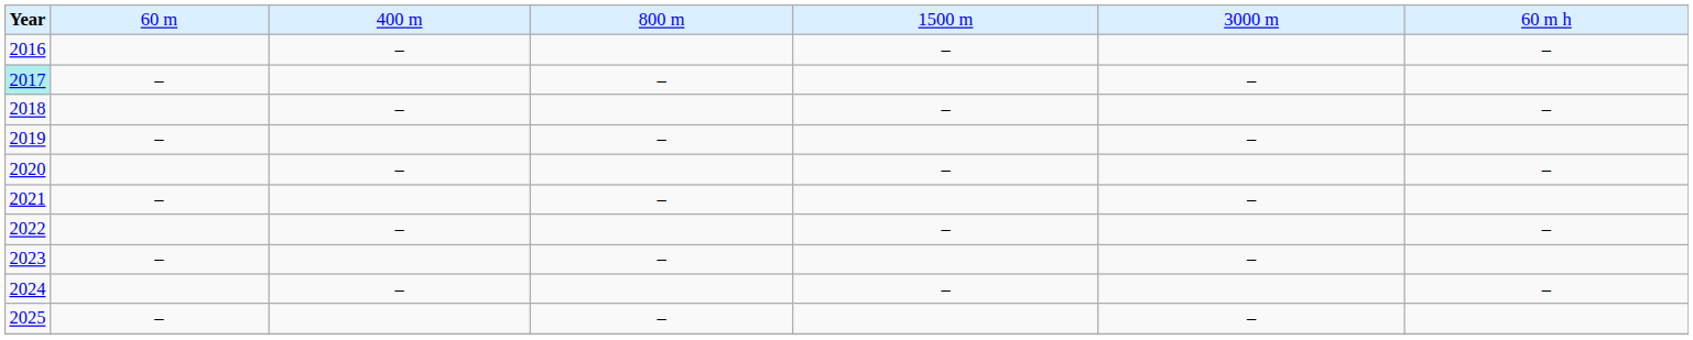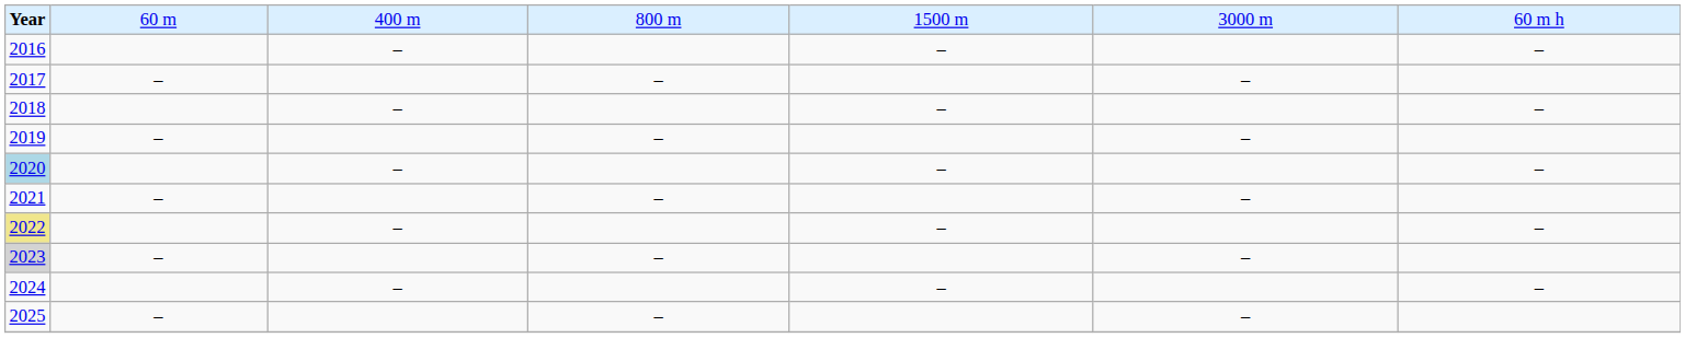 <table class="wikitable" style="font-size:85%; text-align:center; float:center; width:100%">
 <tr align="center" bgcolor="#DAEFFF">
 <td width=20><strong>Year</strong></td>
 <td><a href='#'>60 m</a></td>
 <td><a href='#'>400 m</a></td>
 <td><a href='#'>800 m</a></td>
 <td><a href='#'>1500 m</a></td>
 <td><a href='#'>3000 m</a></td>
 <td><a href='#'>60 m h</a></td>
 </tr>
 <tr>
 <td><a href='#'>2016</a></td>
 <td></td>
 <td>–</td>
 <td></td>
 <td>–</td>
 <td></td>
 <td>–</td>
 </tr>
 <tr>
-<td style="background: paleturquoise;"><a href='#'>2017</a></td>
+<td><a href='#'>2017</a></td>
 <td>–</td>
 <td></td>
 <td>–</td>
 <td></td>
 <td>–</td>
 <td></td>
 </tr>
 <tr>
 <td><a href='#'>2018</a></td>
 <td></td>
 <td>–</td>
 <td></td>
 <td>–</td>
 <td></td>
 <td>–</td>
 </tr>
 <tr>
 <td><a href='#'>2019</a></td>
 <td>–</td>
 <td></td>
 <td>–</td>
 <td></td>
 <td>–</td>
 <td></td>
 </tr>
 <tr>
-<td><a href='#'>2020</a></td>
+<td style="background: lightblue;"><a href='#'>2020</a></td>
 <td></td>
 <td>–</td>
 <td></td>
 <td>–</td>
 <td></td>
 <td>–</td>
 </tr>
 <tr>
 <td><a href='#'>2021</a></td>
 <td>–</td>
 <td></td>
 <td>–</td>
 <td></td>
 <td>–</td>
 <td></td>
 </tr>
 <tr>
-<td><a href='#'>2022</a></td>
+<td style="background: khaki;"><a href='#'>2022</a></td>
 <td></td>
 <td>–</td>
 <td></td>
 <td>–</td>
 <td></td>
 <td>–</td>
 </tr>
 <tr>
-<td><a href='#'>2023</a></td>
+<td style="background: lightgrey;"><a href='#'>2023</a></td>
 <td>–</td>
 <td></td>
 <td>–</td>
 <td></td>
 <td>–</td>
 <td></td>
 </tr>
 <tr>
 <td><a href='#'>2024</a></td>
 <td></td>
 <td>–</td>
 <td></td>
 <td>–</td>
 <td></td>
 <td>–</td>
 </tr>
 <tr>
 <td><a href='#'>2025</a></td>
 <td>–</td>
 <td></td>
 <td>–</td>
 <td></td>
 <td>–</td>
 <td></td>
 </tr>
 <tr>
 </tr>
 </table>
